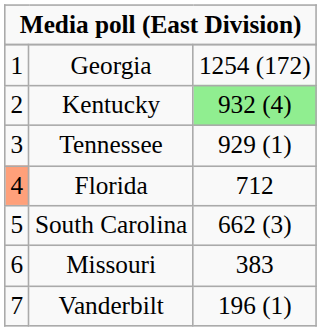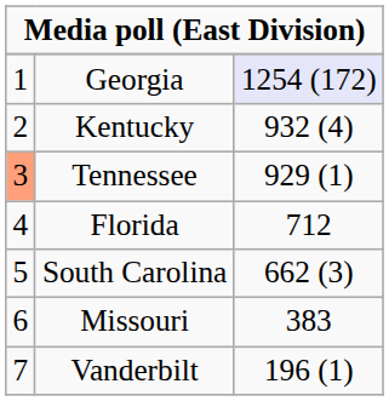 <table class="wikitable" style="display: inline-table;">
 <tr>
 <td align="center" Colspan="3"><strong>Media poll (East Division)</strong></td>
 </tr>
 <tr align="center">
 </tr>
 <tr align="center">
 <td>1</td>
 <td>Georgia</td>
-<td>1254 (172)</td>
+<td style="background: lavender;">1254 (172)</td>
 </tr>
 <tr align="center">
 <td>2</td>
 <td>Kentucky</td>
-<td style="background: lightgreen;">932 (4)</td>
+<td>932 (4)</td>
 </tr>
 <tr align="center">
-<td>3</td>
+<td style="background: lightsalmon;">3</td>
 <td>Tennessee</td>
 <td>929 (1)</td>
 </tr>
 <tr align="center">
-<td style="background: lightsalmon;">4</td>
+<td>4</td>
 <td>Florida</td>
 <td>712</td>
 </tr>
 <tr align="center">
 <td>5</td>
 <td>South Carolina</td>
 <td>662 (3)</td>
 </tr>
 <tr align="center">
 <td>6</td>
 <td>Missouri</td>
 <td>383</td>
 </tr>
 <tr align="center">
 <td>7</td>
 <td>Vanderbilt</td>
 <td>196 (1)</td>
 </tr>
 </table>
